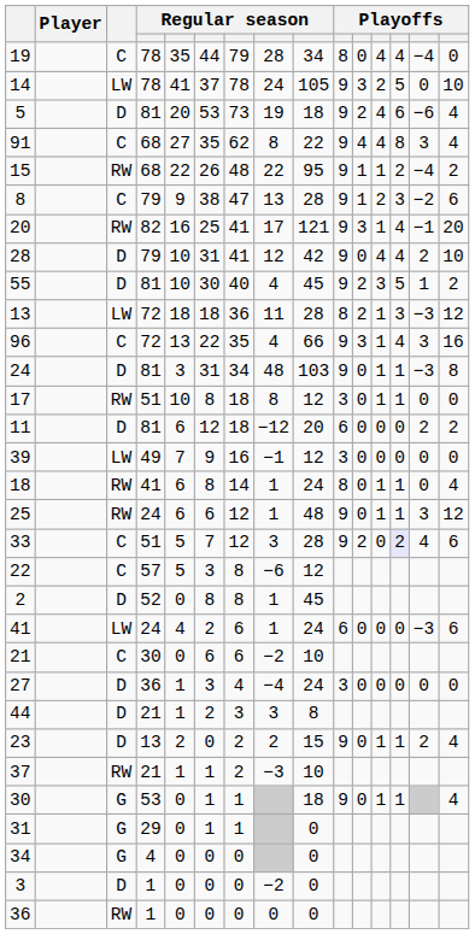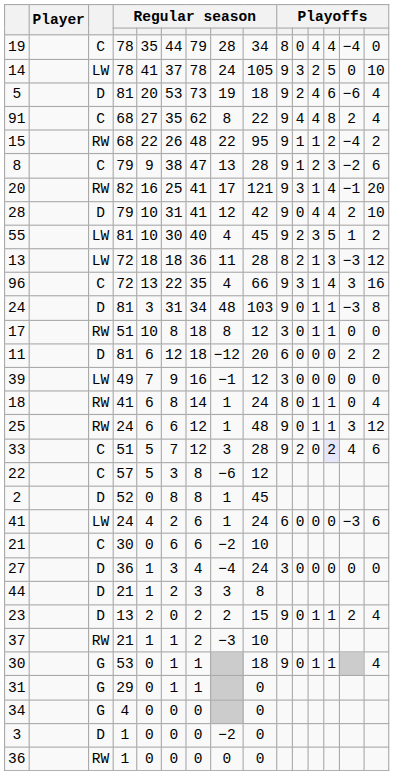 <table class="wikitable sortable plainrowheaders" style="text-align:center;">
 <tr>
 <th scope="col" data-sort-type="number" rowspan="2"></th>
 <th scope="col" rowspan="2">Player</th>
 <th scope="col" rowspan="2"></th>
 <th scope=colgroup colspan=6>Regular season</th>
 <th scope=colgroup colspan=6>Playoffs</th>
 </tr>
 <tr>
 <th scope="col" data-sort-type="number"></th>
 <th scope="col" data-sort-type="number"></th>
 <th scope="col" data-sort-type="number"></th>
 <th scope="col" data-sort-type="number"></th>
 <th scope="col" data-sort-type="number"></th>
 <th scope="col" data-sort-type="number"></th>
 <th scope="col" data-sort-type="number"></th>
 <th scope="col" data-sort-type="number"></th>
 <th scope="col" data-sort-type="number"></th>
 <th scope="col" data-sort-type="number"></th>
 <th scope="col" data-sort-type="number"></th>
 <th scope="col" data-sort-type="number"></th>
 </tr>
 <tr>
 <td scope="row">19</td>
 <td align="left"></td>
 <td>C</td>
 <td>78</td>
 <td>35</td>
 <td>44</td>
 <td>79</td>
 <td>28</td>
 <td>34</td>
 <td>8</td>
 <td>0</td>
 <td>4</td>
 <td>4</td>
 <td>−4</td>
 <td>0</td>
 </tr>
 <tr>
 <td scope="row">14</td>
 <td align="left"></td>
 <td>LW</td>
 <td>78</td>
 <td>41</td>
 <td>37</td>
 <td>78</td>
 <td>24</td>
 <td>105</td>
 <td>9</td>
 <td>3</td>
 <td>2</td>
 <td>5</td>
 <td>0</td>
 <td>10</td>
 </tr>
 <tr>
 <td scope="row">5</td>
 <td align="left"></td>
 <td>D</td>
 <td>81</td>
 <td>20</td>
 <td>53</td>
 <td>73</td>
 <td>19</td>
 <td>18</td>
 <td>9</td>
 <td>2</td>
 <td>4</td>
 <td>6</td>
 <td>−6</td>
 <td>4</td>
 </tr>
 <tr>
 <td scope="row">91</td>
 <td align="left"></td>
 <td>C</td>
 <td>68</td>
 <td>27</td>
 <td>35</td>
 <td>62</td>
 <td>8</td>
 <td>22</td>
 <td>9</td>
 <td>4</td>
 <td>4</td>
 <td>8</td>
-<td>3</td>
+<td>2</td>
 <td>4</td>
 </tr>
 <tr>
 <td scope="row">15</td>
 <td align="left"></td>
 <td>RW</td>
 <td>68</td>
 <td>22</td>
 <td>26</td>
 <td>48</td>
 <td>22</td>
 <td>95</td>
 <td>9</td>
 <td>1</td>
 <td>1</td>
 <td>2</td>
 <td>−4</td>
 <td>2</td>
 </tr>
 <tr>
 <td scope="row">8</td>
 <td align="left"></td>
 <td>C</td>
 <td>79</td>
 <td>9</td>
 <td>38</td>
 <td>47</td>
 <td>13</td>
 <td>28</td>
 <td>9</td>
 <td>1</td>
 <td>2</td>
 <td>3</td>
 <td>−2</td>
 <td>6</td>
 </tr>
 <tr>
 <td scope="row">20</td>
 <td align="left"></td>
 <td>RW</td>
 <td>82</td>
 <td>16</td>
 <td>25</td>
 <td>41</td>
 <td>17</td>
 <td>121</td>
 <td>9</td>
 <td>3</td>
 <td>1</td>
 <td>4</td>
 <td>−1</td>
 <td>20</td>
 </tr>
 <tr>
 <td scope="row">28</td>
 <td align="left"></td>
 <td>D</td>
 <td>79</td>
 <td>10</td>
 <td>31</td>
 <td>41</td>
 <td>12</td>
 <td>42</td>
 <td>9</td>
 <td>0</td>
 <td>4</td>
 <td>4</td>
 <td>2</td>
 <td>10</td>
 </tr>
 <tr>
 <td scope="row">55</td>
 <td align="left"></td>
-<td>D</td>
+<td>LW</td>
 <td>81</td>
 <td>10</td>
 <td>30</td>
 <td>40</td>
 <td>4</td>
 <td>45</td>
 <td>9</td>
 <td>2</td>
 <td>3</td>
 <td>5</td>
 <td>1</td>
 <td>2</td>
 </tr>
 <tr>
 <td scope="row">13</td>
 <td align="left"></td>
 <td>LW</td>
 <td>72</td>
 <td>18</td>
 <td>18</td>
 <td>36</td>
 <td>11</td>
 <td>28</td>
 <td>8</td>
 <td>2</td>
 <td>1</td>
 <td>3</td>
 <td>−3</td>
 <td>12</td>
 </tr>
 <tr>
 <td scope="row">96</td>
 <td align="left"></td>
 <td>C</td>
 <td>72</td>
 <td>13</td>
 <td>22</td>
 <td>35</td>
 <td>4</td>
 <td>66</td>
 <td>9</td>
 <td>3</td>
 <td>1</td>
 <td>4</td>
 <td>3</td>
 <td>16</td>
 </tr>
 <tr>
 <td scope="row">24</td>
 <td align="left"></td>
 <td>D</td>
 <td>81</td>
 <td>3</td>
 <td>31</td>
 <td>34</td>
 <td>48</td>
 <td>103</td>
 <td>9</td>
 <td>0</td>
 <td>1</td>
 <td>1</td>
 <td>−3</td>
 <td>8</td>
 </tr>
 <tr>
 <td scope="row">17</td>
 <td align="left"></td>
 <td>RW</td>
 <td>51</td>
 <td>10</td>
 <td>8</td>
 <td>18</td>
 <td>8</td>
 <td>12</td>
 <td>3</td>
 <td>0</td>
 <td>1</td>
 <td>1</td>
 <td>0</td>
 <td>0</td>
 </tr>
 <tr>
 <td scope="row">11</td>
 <td align="left"></td>
 <td>D</td>
 <td>81</td>
 <td>6</td>
 <td>12</td>
 <td>18</td>
 <td>−12</td>
 <td>20</td>
 <td>6</td>
 <td>0</td>
 <td>0</td>
 <td>0</td>
 <td>2</td>
 <td>2</td>
 </tr>
 <tr>
 <td scope="row">39</td>
 <td align="left"></td>
 <td>LW</td>
 <td>49</td>
 <td>7</td>
 <td>9</td>
 <td>16</td>
 <td>−1</td>
 <td>12</td>
 <td>3</td>
 <td>0</td>
 <td>0</td>
 <td>0</td>
 <td>0</td>
 <td>0</td>
 </tr>
 <tr>
 <td scope="row">18</td>
 <td align="left"></td>
 <td>RW</td>
 <td>41</td>
 <td>6</td>
 <td>8</td>
 <td>14</td>
 <td>1</td>
 <td>24</td>
 <td>8</td>
 <td>0</td>
 <td>1</td>
 <td>1</td>
 <td>0</td>
 <td>4</td>
 </tr>
 <tr>
 <td scope="row">25</td>
 <td align="left"></td>
 <td>RW</td>
 <td>24</td>
 <td>6</td>
 <td>6</td>
 <td>12</td>
 <td>1</td>
 <td>48</td>
 <td>9</td>
 <td>0</td>
 <td>1</td>
 <td>1</td>
 <td>3</td>
 <td>12</td>
 </tr>
 <tr>
 <td scope="row">33</td>
 <td align="left"></td>
 <td>C</td>
 <td>51</td>
 <td>5</td>
 <td>7</td>
 <td>12</td>
 <td>3</td>
 <td>28</td>
 <td>9</td>
 <td>2</td>
 <td>0</td>
 <td style="background: lavender;">2</td>
 <td>4</td>
 <td>6</td>
 </tr>
 <tr>
 <td scope="row">22</td>
 <td align="left"></td>
 <td>C</td>
 <td>57</td>
 <td>5</td>
 <td>3</td>
 <td>8</td>
 <td>−6</td>
 <td>12</td>
 <td></td>
 <td></td>
 <td></td>
 <td></td>
 <td></td>
 <td></td>
 </tr>
 <tr>
 <td scope="row">2</td>
 <td align="left"></td>
 <td>D</td>
 <td>52</td>
 <td>0</td>
 <td>8</td>
 <td>8</td>
 <td>1</td>
 <td>45</td>
 <td></td>
 <td></td>
 <td></td>
 <td></td>
 <td></td>
 <td></td>
 </tr>
 <tr>
 <td scope="row">41</td>
 <td align="left"></td>
 <td>LW</td>
 <td>24</td>
 <td>4</td>
 <td>2</td>
 <td>6</td>
 <td>1</td>
 <td>24</td>
 <td>6</td>
 <td>0</td>
 <td>0</td>
 <td>0</td>
 <td>−3</td>
 <td>6</td>
 </tr>
 <tr>
 <td scope="row">21</td>
 <td align="left"></td>
 <td>C</td>
 <td>30</td>
 <td>0</td>
 <td>6</td>
 <td>6</td>
 <td>−2</td>
 <td>10</td>
 <td></td>
 <td></td>
 <td></td>
 <td></td>
 <td></td>
 <td></td>
 </tr>
 <tr>
 <td scope="row">27</td>
 <td align="left"></td>
 <td>D</td>
 <td>36</td>
 <td>1</td>
 <td>3</td>
 <td>4</td>
 <td>−4</td>
 <td>24</td>
 <td>3</td>
 <td>0</td>
 <td>0</td>
 <td>0</td>
 <td>0</td>
 <td>0</td>
 </tr>
 <tr>
 <td scope="row">44</td>
 <td align="left"></td>
 <td>D</td>
 <td>21</td>
 <td>1</td>
 <td>2</td>
 <td>3</td>
 <td>3</td>
 <td>8</td>
 <td></td>
 <td></td>
 <td></td>
 <td></td>
 <td></td>
 <td></td>
 </tr>
 <tr>
 <td scope="row">23</td>
 <td align="left"></td>
 <td>D</td>
 <td>13</td>
 <td>2</td>
 <td>0</td>
 <td>2</td>
 <td>2</td>
 <td>15</td>
 <td>9</td>
 <td>0</td>
 <td>1</td>
 <td>1</td>
 <td>2</td>
 <td>4</td>
 </tr>
 <tr>
 <td scope="row">37</td>
 <td align="left"></td>
 <td>RW</td>
 <td>21</td>
 <td>1</td>
 <td>1</td>
 <td>2</td>
 <td>−3</td>
 <td>10</td>
 <td></td>
 <td></td>
 <td></td>
 <td></td>
 <td></td>
 <td></td>
 </tr>
 <tr>
 <td scope="row">30</td>
 <td align="left"></td>
 <td>G</td>
 <td>53</td>
 <td>0</td>
 <td>1</td>
 <td>1</td>
 <td style="background:#ccc"></td>
 <td>18</td>
 <td>9</td>
 <td>0</td>
 <td>1</td>
 <td>1</td>
 <td style="background:#ccc"></td>
 <td>4</td>
 </tr>
 <tr>
 <td scope="row">31</td>
 <td align="left"></td>
 <td>G</td>
 <td>29</td>
 <td>0</td>
 <td>1</td>
 <td>1</td>
 <td style="background:#ccc"></td>
 <td>0</td>
 <td></td>
 <td></td>
 <td></td>
 <td></td>
 <td></td>
 <td></td>
 </tr>
 <tr>
 <td scope="row">34</td>
 <td align="left"></td>
 <td>G</td>
 <td>4</td>
 <td>0</td>
 <td>0</td>
 <td>0</td>
 <td style="background:#ccc"></td>
 <td>0</td>
 <td></td>
 <td></td>
 <td></td>
 <td></td>
 <td></td>
 <td></td>
 </tr>
 <tr>
 <td scope="row">3</td>
 <td align="left"></td>
 <td>D</td>
 <td>1</td>
 <td>0</td>
 <td>0</td>
 <td>0</td>
 <td>−2</td>
 <td>0</td>
 <td></td>
 <td></td>
 <td></td>
 <td></td>
 <td></td>
 <td></td>
 </tr>
 <tr>
 <td scope="row">36</td>
 <td align="left"></td>
 <td>RW</td>
 <td>1</td>
 <td>0</td>
 <td>0</td>
 <td>0</td>
 <td>0</td>
 <td>0</td>
 <td></td>
 <td></td>
 <td></td>
 <td></td>
 <td></td>
 <td></td>
 </tr>
 </table>
